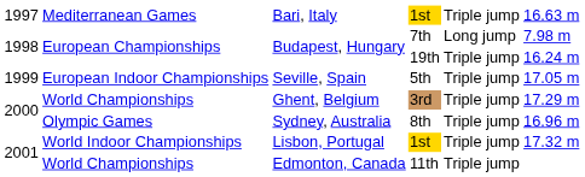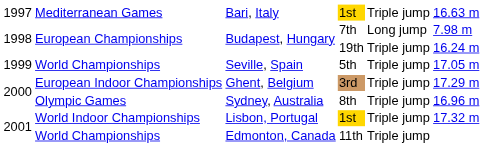 <table>
 <tr>
 <td>1997</td>
 <td><a href='#'>Mediterranean Games</a></td>
 <td><a href='#'>Bari</a>, <a href='#'>Italy</a></td>
 <td bgcolor="gold">1st</td>
 <td>Triple jump</td>
 <td><a href='#'>16.63 m</a></td>
 </tr>
 <tr>
 <td rowspan=2>1998</td>
 <td rowspan=2><a href='#'>European Championships</a></td>
 <td rowspan=2><a href='#'>Budapest</a>, <a href='#'>Hungary</a></td>
 <td>7th</td>
 <td>Long jump</td>
 <td><a href='#'>7.98 m</a></td>
 </tr>
 <tr>
 <td>19th</td>
 <td>Triple jump</td>
 <td><a href='#'>16.24 m</a></td>
 </tr>
 <tr>
 <td>1999</td>
-<td><a href='#'>European Indoor Championships</a></td>
+<td><a href='#'>World Championships</a></td>
 <td><a href='#'>Seville</a>, <a href='#'>Spain</a></td>
 <td>5th</td>
 <td>Triple jump</td>
 <td><a href='#'>17.05 m</a> </td>
 </tr>
 <tr>
 <td rowspan=2>2000</td>
-<td><a href='#'>World Championships</a></td>
+<td><a href='#'>European Indoor Championships</a></td>
 <td><a href='#'>Ghent</a>, <a href='#'>Belgium</a></td>
 <td bgcolor="cc9966">3rd</td>
 <td>Triple jump</td>
 <td><a href='#'>17.29 m</a></td>
 </tr>
 <tr>
 <td><a href='#'>Olympic Games</a></td>
 <td><a href='#'>Sydney</a>, <a href='#'>Australia</a></td>
 <td>8th</td>
 <td>Triple jump</td>
 <td><a href='#'>16.96 m</a></td>
 </tr>
 <tr>
 <td rowspan=2>2001</td>
 <td><a href='#'>World Indoor Championships</a></td>
 <td><a href='#'>Lisbon, Portugal</a></td>
 <td bgcolor="gold">1st</td>
 <td>Triple jump</td>
 <td><a href='#'>17.32 m</a> </td>
 </tr>
 <tr>
 <td><a href='#'>World Championships</a></td>
 <td><a href='#'>Edmonton, Canada</a></td>
 <td>11th</td>
 <td>Triple jump</td>
 <td></td>
 </tr>
 </table>
